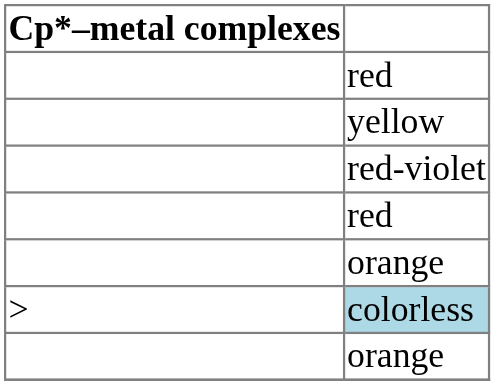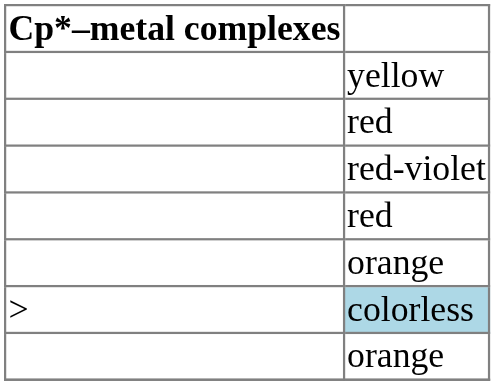 <table class="toccolours floatleft" border="1" style="border-collapse: collapse;">
 <tr>
 <th>Cp*–metal complexes</th>
 </tr>
 <tr>
 <td></td>
-<td>red</td>
+<td>yellow</td>
 </tr>
 <tr>
 <td></td>
-<td>yellow</td>
+<td>red</td>
 </tr>
 <tr>
 <td></td>
 <td>red-violet</td>
 </tr>
 <tr>
 <td></td>
 <td>red</td>
 </tr>
 <tr>
 <td></td>
 <td>orange</td>
 </tr>
 <tr>
 <td>></td>
 <td style="background: lightblue;">colorless</td>
 </tr>
 <tr>
 <td></td>
 <td>orange</td>
 </tr>
 <tr>
 </tr>
 </table>
